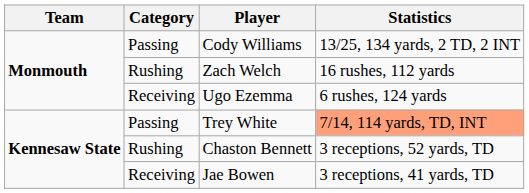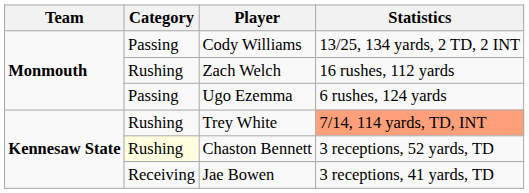 <table class="wikitable" style="float: left;">
 <tr>
 <th>Team</th>
 <th>Category</th>
 <th>Player</th>
 <th>Statistics</th>
 </tr>
 <tr>
 <td rowspan=3><strong>Monmouth</strong></td>
 <td>Passing</td>
 <td>Cody Williams</td>
 <td>13/25, 134 yards, 2 TD, 2 INT</td>
 </tr>
 <tr>
 <td>Rushing</td>
 <td>Zach Welch</td>
 <td>16 rushes, 112 yards</td>
 </tr>
 <tr>
-<td>Receiving</td>
+<td>Passing</td>
 <td>Ugo Ezemma</td>
 <td>6 rushes, 124 yards</td>
 </tr>
 <tr>
 <td rowspan=3><strong>Kennesaw State</strong></td>
-<td>Passing</td>
+<td>Rushing</td>
 <td>Trey White</td>
 <td style="background: lightsalmon;">7/14, 114 yards, TD, INT</td>
 </tr>
 <tr>
-<td>Rushing</td>
+<td style="background: lightyellow;">Rushing</td>
 <td>Chaston Bennett</td>
 <td>3 receptions, 52 yards, TD</td>
 </tr>
 <tr>
 <td>Receiving</td>
 <td>Jae Bowen</td>
 <td>3 receptions, 41 yards, TD</td>
 </tr>
 </table>
